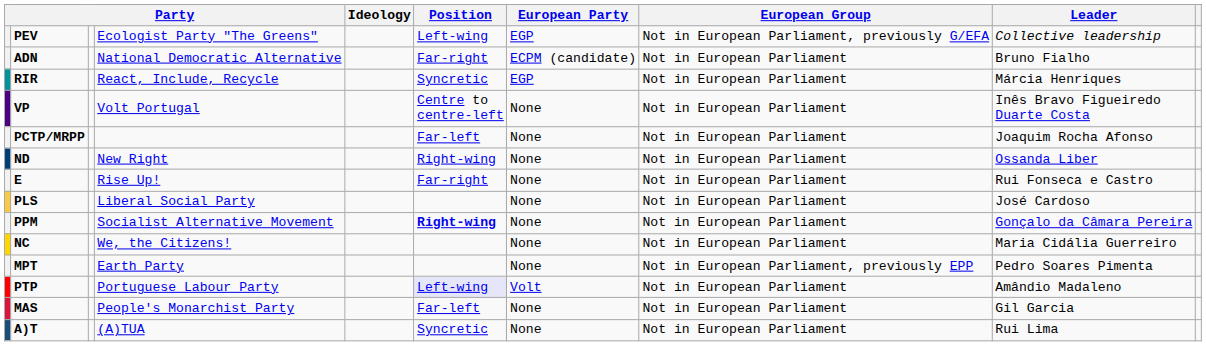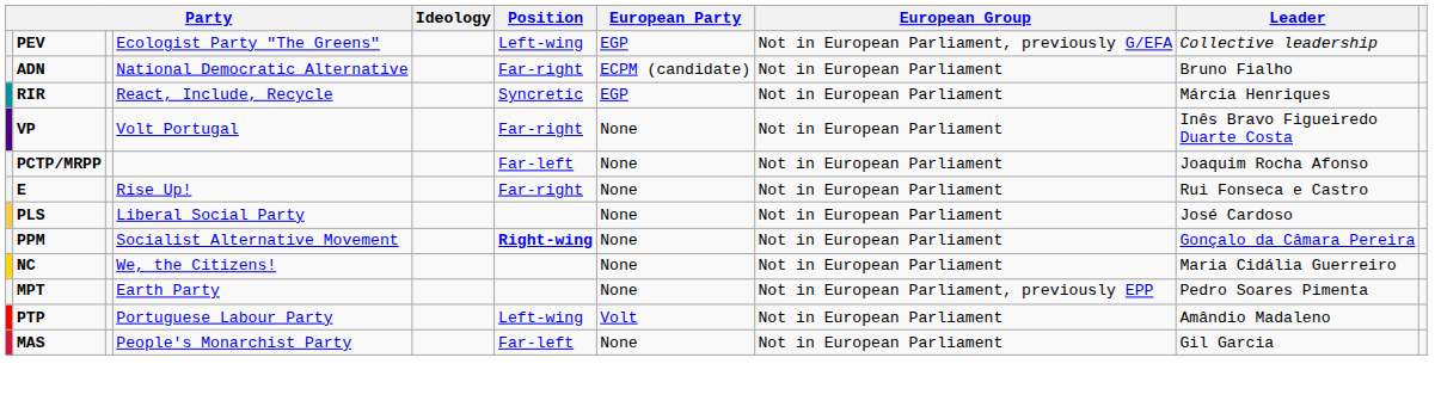 <table class="wikitable sortable" style="text-align:left">
 <tr>
 <th colspan="4"><a href='#'>Party</a></th>
 <th>Ideology</th>
 <th><a href='#'>Position</a></th>
 <th><a href='#'>European Party</a></th>
 <th><a href='#'>European Group</a></th>
 <th><a href='#'>Leader</a></th>
 <th></th>
 </tr>
 <tr>
 <th style="background:"></th>
 <td><strong>PEV</strong></td>
 <td></td>
 <td style="text-align:left;"><a href='#'>Ecologist Party "The Greens"</a><br></td>
 <td></td>
 <td><a href='#'>Left-wing</a></td>
 <td><a href='#'>EGP</a></td>
 <td>Not in European Parliament, previously <a href='#'>G/EFA</a></td>
 <td><em>Collective leadership</em></td>
 <td></td>
 </tr>
 <tr>
 <th style="background:"></th>
 <td><strong>ADN</strong></td>
 <td></td>
 <td style="text-align:left;"><a href='#'>National Democratic Alternative</a><br></td>
 <td></td>
 <td><a href='#'>Far-right</a></td>
 <td><a href='#'>ECPM</a> (candidate)</td>
 <td>Not in European Parliament</td>
 <td>Bruno Fialho</td>
 <td></td>
 </tr>
 <tr>
 <th style="background:#01929d;"></th>
 <td><strong>RIR</strong></td>
 <td></td>
 <td style="text-align:left;"><a href='#'>React, Include, Recycle</a><br></td>
 <td></td>
 <td><a href='#'>Syncretic</a></td>
 <td><a href='#'>EGP</a></td>
 <td>Not in European Parliament</td>
 <td>Márcia Henriques</td>
 <td></td>
 </tr>
 <tr>
 <th style="background:indigo;"></th>
 <td><strong>VP</strong></td>
 <td></td>
 <td style="text-align:left;"><a href='#'>Volt Portugal</a><br></td>
 <td></td>
-<td><a href='#'>Centre</a> to<br><a href='#'>centre-left</a></td>
+<td><a href='#'>Far-right</a></td>
 <td>None</td>
 <td>Not in European Parliament</td>
 <td>Inês Bravo Figueiredo<br><a href='#'>Duarte Costa</a></td>
 <td></td>
 </tr>
 <tr>
 <th style="background:"></th>
 <td><strong>PCTP/MRPP</strong></td>
 <td></td>
 <td style="text-align:left;"></td>
 <td></td>
 <td><a href='#'>Far-left</a></td>
 <td>None</td>
 <td>Not in European Parliament</td>
 <td>Joaquim Rocha Afonso</td>
-<td></td>
-</tr>
-<tr>
-<th style="background:#003F75;"></th>
-<td><strong>ND</strong></td>
-<td></td>
-<td style="text-align:left;"><a href='#'>New Right</a><br></td>
-<td></td>
-<td><a href='#'>Right-wing</a></td>
-<td>None</td>
-<td>Not in European Parliament</td>
-<td><a href='#'>Ossanda Liber</a></td>
 <td></td>
 </tr>
 <tr>
 <th style="background:"></th>
 <td><strong>E</strong></td>
 <td></td>
 <td style="text-align:left;"><a href='#'>Rise Up!</a><br></td>
 <td></td>
 <td><a href='#'>Far-right</a></td>
 <td>None</td>
 <td>Not in European Parliament</td>
 <td>Rui Fonseca e Castro</td>
 <td></td>
 </tr>
 <tr>
 <th style="background:#fbca44;"></th>
 <td><strong>PLS</strong></td>
 <td></td>
 <td style="text-align:left;"><a href='#'>Liberal Social Party</a><br></td>
 <td></td>
 <td></td>
 <td>None</td>
 <td>Not in European Parliament</td>
 <td>José Cardoso</td>
 <td></td>
 </tr>
 <tr>
 <th style="background:"></th>
 <td><strong>PPM</strong></td>
 <td></td>
 <td style="text-align:left;"><a href='#'>Socialist Alternative Movement</a><br></td>
 <td></td>
 <td><strong><a href='#'>Right-wing</a></strong></td>
 <td>None</td>
 <td>Not in European Parliament</td>
 <td><a href='#'>Gonçalo da Câmara Pereira</a></td>
 <td></td>
 </tr>
 <tr>
 <th style="background:gold;"></th>
 <td><strong>NC</strong></td>
 <td></td>
 <td style="text-align:left;"><a href='#'>We, the Citizens!</a><br></td>
 <td></td>
 <td></td>
 <td>None</td>
 <td>Not in European Parliament</td>
 <td>Maria Cidália Guerreiro</td>
 <td></td>
 </tr>
 <tr>
 <th style="background:"></th>
 <td><strong>MPT</strong></td>
 <td></td>
 <td><a href='#'>Earth Party</a><br></td>
 <td></td>
 <td></td>
 <td>None</td>
 <td>Not in European Parliament, previously <a href='#'>EPP</a></td>
 <td>Pedro Soares Pimenta</td>
 <td></td>
 </tr>
 <tr>
 <th style="background:red;"></th>
 <td><strong>PTP</strong></td>
 <td></td>
 <td style="text-align:left;"><a href='#'>Portuguese Labour Party</a><br></td>
 <td></td>
-<td style="background: lavender;"><a href='#'>Left-wing</a></td>
+<td><a href='#'>Left-wing</a></td>
 <td><a href='#'>Volt</a></td>
 <td>Not in European Parliament</td>
 <td>Amândio Madaleno</td>
 <td></td>
 </tr>
 <tr>
 <th style="background:crimson;"></th>
 <td><strong>MAS</strong></td>
 <td></td>
 <td style="text-align:left;"><a href='#'>People's Monarchist Party</a><br></td>
 <td></td>
 <td><a href='#'>Far-left</a></td>
 <td>None</td>
 <td>Not in European Parliament</td>
 <td>Gil Garcia</td>
 <td></td>
 </tr>
-<tr>
-<th style="background:#1a4d77;"></th>
-<td><strong>A)T</strong></td>
-<td></td>
-<td style="text-align:left;"><a href='#'>(A)TUA</a><br></td>
-<td></td>
-<td><a href='#'>Syncretic</a></td>
-<td>None</td>
-<td>Not in European Parliament</td>
-<td>Rui Lima</td>
-<td></td>
-</tr>
 </table>
